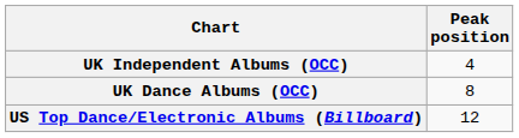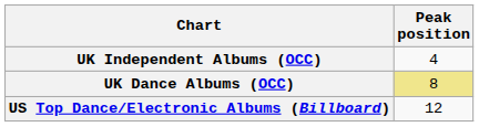 <table class="wikitable plainrowheaders sortable" style="text-align:center;" border="1">
 <tr>
 <th scope="col">Chart</th>
 <th scope="col">Peak<br>position</th>
 </tr>
 <tr>
 <th scope="row">UK Independent Albums (<a href='#'>OCC</a>)</th>
 <td>4</td>
 </tr>
 <tr>
 <th scope="row">UK Dance Albums (<a href='#'>OCC</a>)</th>
-<td>8</td>
+<td style="background: khaki;">8</td>
 </tr>
 <tr>
 <th scope="row">US <a href='#'>Top Dance/Electronic Albums</a> (<em><a href='#'>Billboard</a></em>)</th>
 <td>12</td>
 </tr>
 <tr>
 </tr>
 </table>
